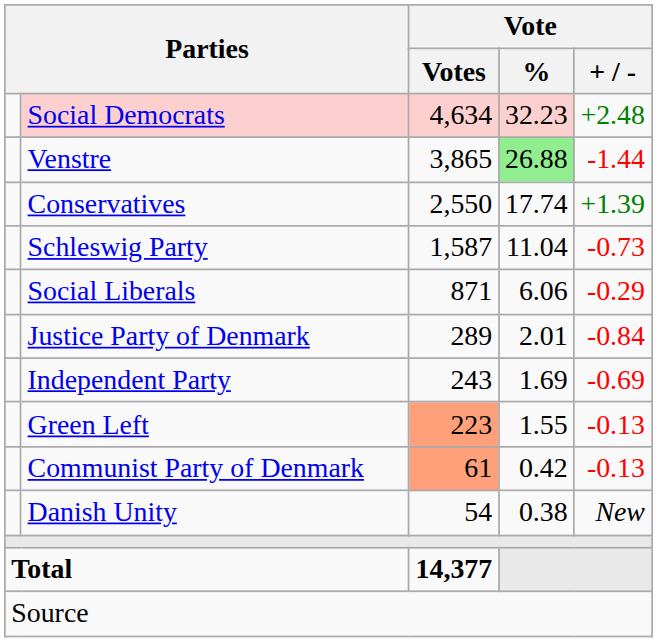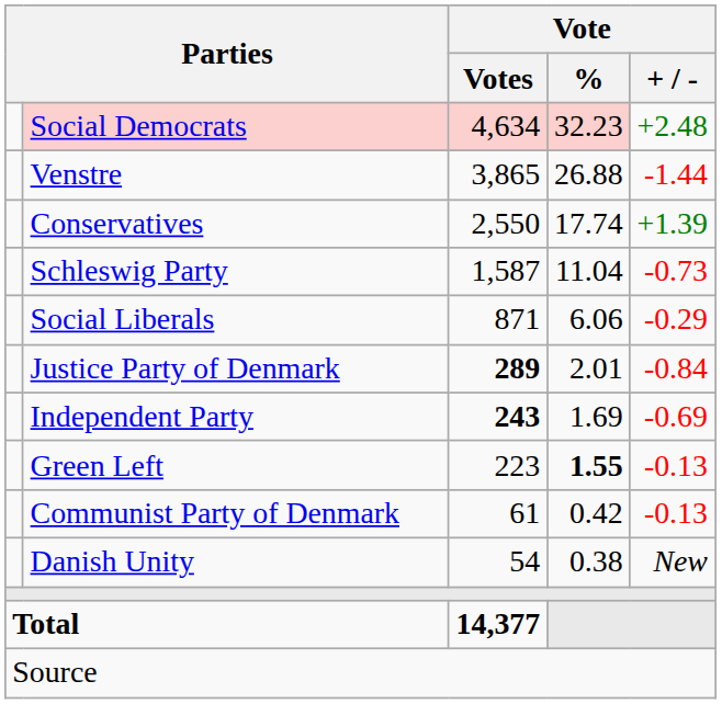 <table class="wikitable" style="text-align:right;">
 <tr>
 <th style="text-align:centre;" rowspan="2" colspan="2" width="225">Parties</th>
 <th colspan="3">Vote</th>
 </tr>
 <tr>
 <th width="15">Votes</th>
 <th width="15">%</th>
 <th width="15">+ / -</th>
 </tr>
 <tr>
 <td width="2" style="color:inherit;background:"></td>
 <td bgcolor=#fbd0ce  align="left"><a href='#'>Social Democrats</a></td>
 <td bgcolor=#fbd0ce>4,634</td>
 <td bgcolor=#fbd0ce>32.23</td>
 <td style=color:green;>+2.48</td>
 </tr>
 <tr>
 <td width="2" style="color:inherit;background:"></td>
 <td align="left"><a href='#'>Venstre</a></td>
 <td>3,865</td>
-<td style="background: lightgreen;">26.88</td>
+<td>26.88</td>
 <td style=color:red;>-1.44</td>
 </tr>
 <tr>
 <td width="2" style="color:inherit;background:"></td>
 <td align="left"><a href='#'>Conservatives</a></td>
 <td>2,550</td>
 <td>17.74</td>
 <td style=color:green;>+1.39</td>
 </tr>
 <tr>
 <td width="2" style="color:inherit;background:"></td>
 <td align="left"><a href='#'>Schleswig Party</a></td>
 <td>1,587</td>
 <td>11.04</td>
 <td style=color:red;>-0.73</td>
 </tr>
 <tr>
 <td width="2" style="color:inherit;background:"></td>
 <td align="left"><a href='#'>Social Liberals</a></td>
 <td>871</td>
 <td>6.06</td>
 <td style=color:red;>-0.29</td>
 </tr>
 <tr>
 <td width="2" style="color:inherit;background:"></td>
 <td align="left"><a href='#'>Justice Party of Denmark</a></td>
-<td>289</td>
+<td><strong>289</strong></td>
 <td>2.01</td>
 <td style=color:red;>-0.84</td>
 </tr>
 <tr>
 <td width="2" style="color:inherit;background:"></td>
 <td align="left"><a href='#'>Independent Party</a></td>
-<td>243</td>
+<td><strong>243</strong></td>
 <td>1.69</td>
 <td style=color:red;>-0.69</td>
 </tr>
 <tr>
 <td width="2" style="color:inherit;background:"></td>
 <td align="left"><a href='#'>Green Left</a></td>
-<td style="background: lightsalmon;">223</td>
-<td>1.55</td>
+<td>223</td>
+<td><strong>1.55</strong></td>
 <td style=color:red;>-0.13</td>
 </tr>
 <tr>
 <td width="2" style="color:inherit;background:"></td>
 <td align="left"><a href='#'>Communist Party of Denmark</a></td>
-<td style="background: lightsalmon;">61</td>
+<td>61</td>
 <td>0.42</td>
 <td style=color:red;>-0.13</td>
 </tr>
 <tr>
 <td width="2" style="color:inherit;background:"></td>
 <td align="left"><a href='#'>Danish Unity</a></td>
 <td>54</td>
 <td>0.38</td>
 <td><em>New</em></td>
 </tr>
 <tr>
 <td colspan="7" bgcolor="#E9E9E9"></td>
 </tr>
 <tr>
 <td align="left" colspan="2"><strong>Total</strong></td>
 <td><strong>14,377</strong></td>
 <td bgcolor="#E9E9E9" colspan="2"></td>
 </tr>
 <tr>
 <td align="left" colspan="6">Source</td>
 </tr>
 </table>
